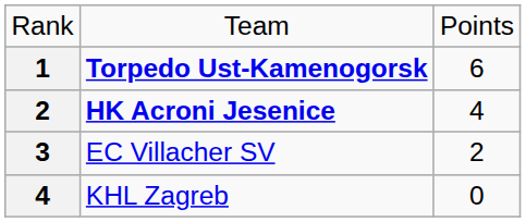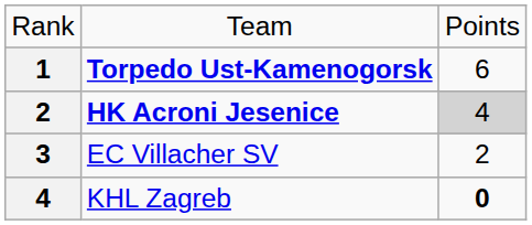 <table class="wikitable" style="text-align: center;">
 <tr>
 <td>Rank</td>
 <td>Team</td>
 <td>Points</td>
 </tr>
 <tr>
 <th>1</th>
 <td style="text-align: left;"> <strong><a href='#'>Torpedo Ust-Kamenogorsk</a></strong></td>
 <td>6</td>
 </tr>
 <tr>
 <th>2</th>
 <td style="text-align: left;"> <strong><a href='#'>HK Acroni Jesenice</a></strong></td>
-<td>4</td>
+<td style="background: lightgrey;">4</td>
 </tr>
 <tr>
 <th>3</th>
 <td style="text-align: left;"> <a href='#'>EC Villacher SV</a></td>
 <td>2</td>
 </tr>
 <tr>
 <th>4</th>
 <td style="text-align: left;"> <a href='#'>KHL Zagreb</a></td>
-<td>0</td>
+<td><strong>0</strong></td>
 </tr>
 </table>
